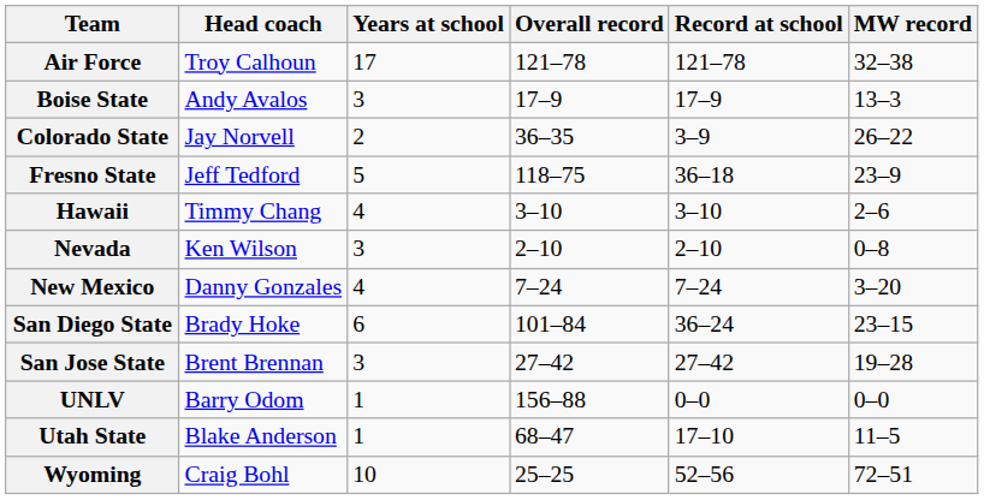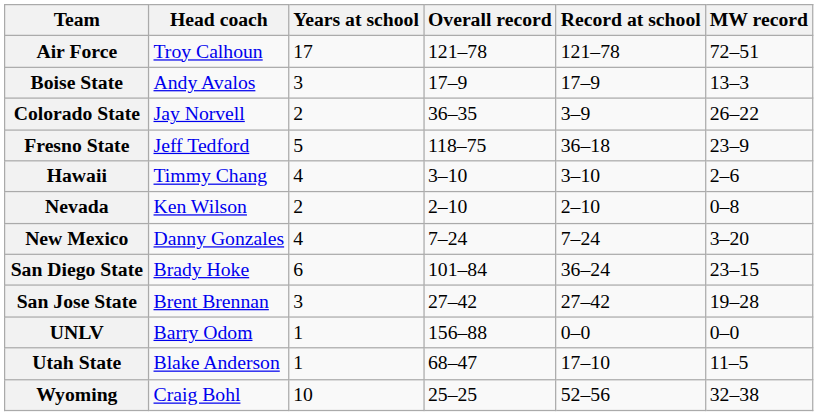 <table class="wikitable sortable" style "text-align:center">
 <tr>
 <th style="width:110px;">Team</th>
 <th>Head coach</th>
 <th>Years at school</th>
 <th>Overall record</th>
 <th>Record at school</th>
 <th>MW record</th>
 </tr>
 <tr>
 <th>Air Force</th>
 <td><a href='#'>Troy Calhoun</a></td>
 <td>17</td>
 <td>121–78</td>
 <td>121–78</td>
-<td>32–38</td>
+<td>72–51</td>
 </tr>
 <tr>
 <th>Boise State</th>
 <td><a href='#'>Andy Avalos</a></td>
 <td>3</td>
 <td>17–9</td>
 <td>17–9</td>
 <td>13–3</td>
 </tr>
 <tr>
 <th>Colorado State</th>
 <td><a href='#'>Jay Norvell</a></td>
 <td>2</td>
 <td>36–35</td>
 <td>3–9</td>
 <td>26–22</td>
 </tr>
 <tr>
 <th>Fresno State</th>
 <td><a href='#'>Jeff Tedford</a></td>
 <td>5</td>
 <td>118–75</td>
 <td>36–18</td>
 <td>23–9</td>
 </tr>
 <tr>
 <th>Hawaii</th>
 <td><a href='#'>Timmy Chang</a></td>
 <td>4</td>
 <td>3–10</td>
 <td>3–10</td>
 <td>2–6</td>
 </tr>
 <tr>
 <th>Nevada</th>
 <td><a href='#'>Ken Wilson</a></td>
-<td>3</td>
+<td>2</td>
 <td>2–10</td>
 <td>2–10</td>
 <td>0–8</td>
 </tr>
 <tr>
 <th>New Mexico</th>
 <td><a href='#'>Danny Gonzales</a></td>
 <td>4</td>
 <td>7–24</td>
 <td>7–24</td>
 <td>3–20</td>
 </tr>
 <tr>
 <th>San Diego State</th>
 <td><a href='#'>Brady Hoke</a></td>
 <td>6</td>
 <td>101–84</td>
 <td>36–24</td>
 <td>23–15</td>
 </tr>
 <tr>
 <th>San Jose State</th>
 <td><a href='#'>Brent Brennan</a></td>
 <td>3</td>
 <td>27–42</td>
 <td>27–42</td>
 <td>19–28</td>
 </tr>
 <tr>
 <th>UNLV</th>
 <td><a href='#'>Barry Odom</a></td>
 <td>1</td>
 <td>156–88</td>
 <td>0–0</td>
 <td>0–0</td>
 </tr>
 <tr>
 <th>Utah State</th>
 <td><a href='#'>Blake Anderson</a></td>
 <td>1</td>
 <td>68–47</td>
 <td>17–10</td>
 <td>11–5</td>
 </tr>
 <tr>
 <th>Wyoming</th>
 <td><a href='#'>Craig Bohl</a></td>
 <td>10</td>
 <td>25–25</td>
 <td>52–56</td>
-<td>72–51</td>
+<td>32–38</td>
 </tr>
 </table>
